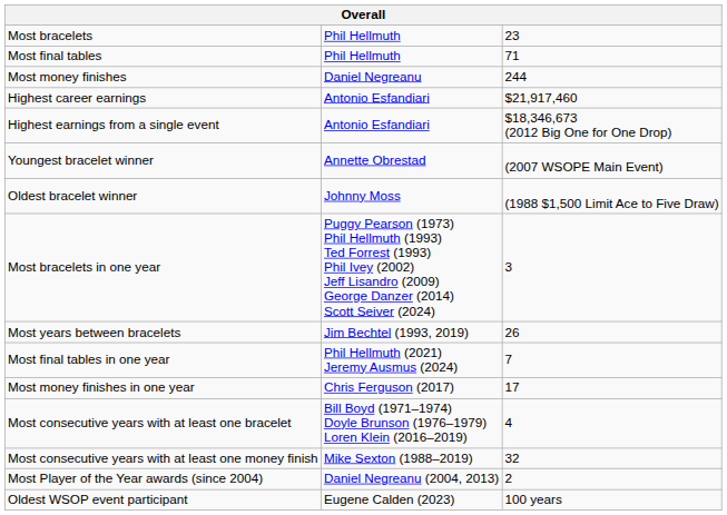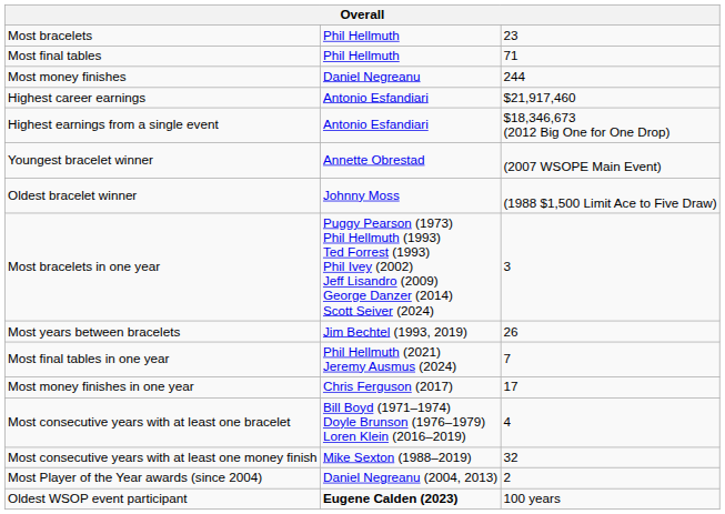 <table class="wikitable">
 <tr>
 <th colspan="3">Overall</th>
 </tr>
 <tr>
 <td>Most bracelets</td>
 <td> <a href='#'>Phil Hellmuth</a></td>
 <td>23</td>
 </tr>
 <tr>
 <td>Most final tables</td>
 <td> <a href='#'>Phil Hellmuth</a></td>
 <td>71</td>
 </tr>
 <tr>
 <td>Most money finishes</td>
 <td> <a href='#'>Daniel Negreanu</a></td>
 <td>244</td>
 </tr>
 <tr>
 <td>Highest career earnings</td>
 <td> <a href='#'>Antonio Esfandiari</a></td>
 <td>$21,917,460</td>
 </tr>
 <tr>
 <td>Highest earnings from a single event</td>
 <td> <a href='#'>Antonio Esfandiari</a></td>
 <td>$18,346,673<br>(2012 Big One for One Drop)</td>
 </tr>
 <tr>
 <td>Youngest bracelet winner</td>
 <td> <a href='#'>Annette Obrestad</a></td>
 <td><br>(2007 WSOPE Main Event)</td>
 </tr>
 <tr>
 <td>Oldest bracelet winner</td>
 <td> <a href='#'>Johnny Moss</a></td>
 <td><br>(1988 $1,500 Limit Ace to Five Draw)</td>
 </tr>
 <tr>
 <td>Most bracelets in one year</td>
 <td> <a href='#'>Puggy Pearson</a> (1973)<br> <a href='#'>Phil Hellmuth</a> (1993)<br> <a href='#'>Ted Forrest</a> (1993)<br> <a href='#'>Phil Ivey</a> (2002)<br> <a href='#'>Jeff Lisandro</a> (2009)<br> <a href='#'>George Danzer</a> (2014)<br> <a href='#'>Scott Seiver</a> (2024)</td>
 <td>3</td>
 </tr>
 <tr>
 <td>Most years between bracelets</td>
 <td> <a href='#'>Jim Bechtel</a> (1993, 2019)</td>
 <td>26</td>
 </tr>
 <tr>
 <td>Most final tables in one year</td>
 <td> <a href='#'>Phil Hellmuth</a> (2021)<br> <a href='#'>Jeremy Ausmus</a> (2024)</td>
 <td>7</td>
 </tr>
 <tr>
 <td>Most money finishes in one year</td>
 <td> <a href='#'>Chris Ferguson</a> (2017)</td>
 <td>17</td>
 </tr>
 <tr>
 <td>Most consecutive years with at least one bracelet</td>
 <td> <a href='#'>Bill Boyd</a> (1971–1974)<br> <a href='#'>Doyle Brunson</a> (1976–1979)<br> <a href='#'>Loren Klein</a> (2016–2019)</td>
 <td>4</td>
 </tr>
 <tr>
 <td>Most consecutive years with at least one money finish</td>
 <td> <a href='#'>Mike Sexton</a> (1988–2019)</td>
 <td>32</td>
 </tr>
 <tr>
 <td>Most Player of the Year awards (since 2004)</td>
 <td> <a href='#'>Daniel Negreanu</a> (2004, 2013)</td>
 <td>2</td>
 </tr>
 <tr>
 <td>Oldest WSOP event participant</td>
-<td> Eugene Calden (2023)</td>
+<td><strong> Eugene Calden (2023)</strong></td>
 <td>100 years</td>
 </tr>
 </table>
